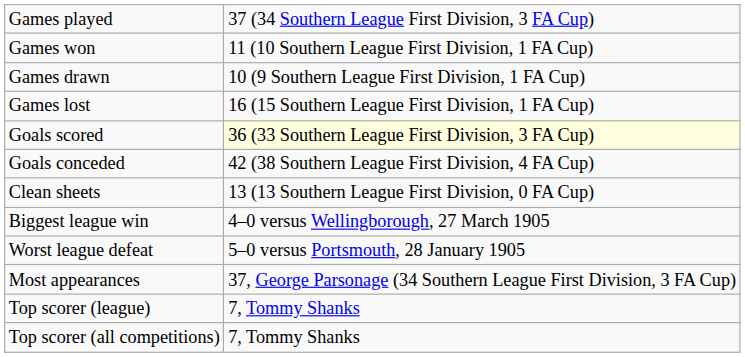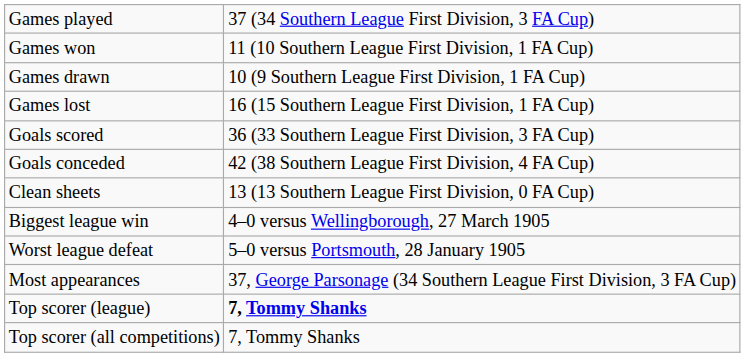 <table class="wikitable">
 <tr>
 <td>Games played</td>
 <td>37 (34 <a href='#'>Southern League</a> First Division, 3 <a href='#'>FA Cup</a>)</td>
 </tr>
 <tr>
 <td>Games won</td>
 <td>11 (10 Southern League First Division, 1 FA Cup)</td>
 </tr>
 <tr>
 <td>Games drawn</td>
 <td>10 (9 Southern League First Division, 1 FA Cup)</td>
 </tr>
 <tr>
 <td>Games lost</td>
 <td>16 (15 Southern League First Division, 1 FA Cup)</td>
 </tr>
 <tr>
 <td>Goals scored</td>
-<td style="background: lightyellow;">36 (33 Southern League First Division, 3 FA Cup)</td>
+<td>36 (33 Southern League First Division, 3 FA Cup)</td>
 </tr>
 <tr>
 <td>Goals conceded</td>
 <td>42 (38 Southern League First Division, 4 FA Cup)</td>
 </tr>
 <tr>
 <td>Clean sheets</td>
 <td>13 (13 Southern League First Division, 0 FA Cup)</td>
 </tr>
 <tr>
 <td>Biggest league win</td>
 <td>4–0 versus <a href='#'>Wellingborough</a>, 27 March 1905</td>
 </tr>
 <tr>
 <td>Worst league defeat</td>
 <td>5–0 versus <a href='#'>Portsmouth</a>, 28 January 1905</td>
 </tr>
 <tr>
 <td>Most appearances</td>
 <td>37, <a href='#'>George Parsonage</a> (34 Southern League First Division, 3 FA Cup)</td>
 </tr>
 <tr>
 <td>Top scorer (league)</td>
-<td>7, <a href='#'>Tommy Shanks</a></td>
+<td><strong>7, <a href='#'>Tommy Shanks</a></strong></td>
 </tr>
 <tr>
 <td>Top scorer (all competitions)</td>
 <td>7, Tommy Shanks</td>
 </tr>
 </table>
